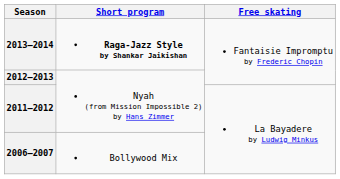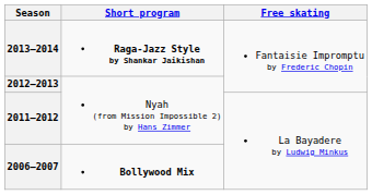 <table class=wikitable style=text-align:center>
 <tr>
 <th>Season</th>
 <th><a href='#'>Short program</a></th>
 <th><a href='#'>Free skating</a></th>
 </tr>
 <tr>
 <th>2013–2014 <br> </th>
 <td><strong><br><ul><li>Raga-Jazz Style <br><small> by Shankar Jaikishan </small></li></ul></strong></td>
 <td rowspan=2><br><ul><li>Fantaisie Impromptu <br><small> by <a href='#'>Frederic Chopin</a> </small></li></ul></td>
 </tr>
 <tr>
 <th>2012–2013 <br> </th>
 <td rowspan=2><br><ul><li>Nyah <br><small> (from Mission Impossible 2) <br> by <a href='#'>Hans Zimmer</a> </small></li></ul></td>
 </tr>
 <tr>
 <th>2011–2012 <br> </th>
 <td rowspan=2><br><ul><li>La Bayadere <br><small> by <a href='#'>Ludwig Minkus</a> </small></li></ul></td>
 </tr>
 <tr>
 <th>2006–2007 <br> </th>
-<td><br><ul><li>Bollywood Mix</li></ul></td>
+<td><strong><br><ul><li>Bollywood Mix</li></ul></strong></td>
 </tr>
 </table>
